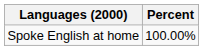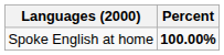 <table class="wikitable sortable collapsible" style="font-size: 90%;">
 <tr>
 <th>Languages (2000) </th>
 <th>Percent</th>
 </tr>
 <tr>
 <td>Spoke English at home</td>
-<td>100.00%</td>
+<td><strong>100.00%</strong></td>
 </tr>
 </table>
